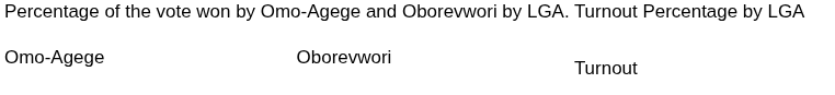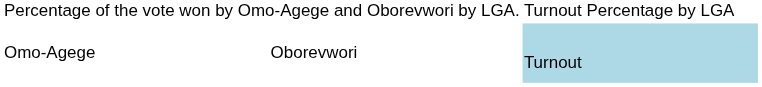 <table align=center>
 <tr>
 <td colspan=2>Percentage of the vote won by Omo-Agege and Oborevwori by LGA.</td>
 <td width=220px>Turnout Percentage by LGA</td>
 </tr>
 <tr>
 <td><br>Omo-Agege<br>  <br>  </td>
 <td><br>Oborevwori<br>  <br>  </td>
-<td><br>Turnout<br> </td>
+<td style="background: lightblue;"><br>Turnout<br> </td>
 </tr>
 </table>
